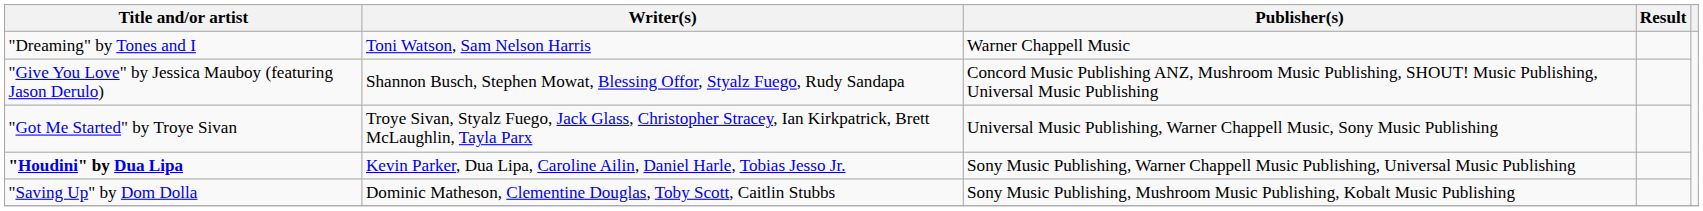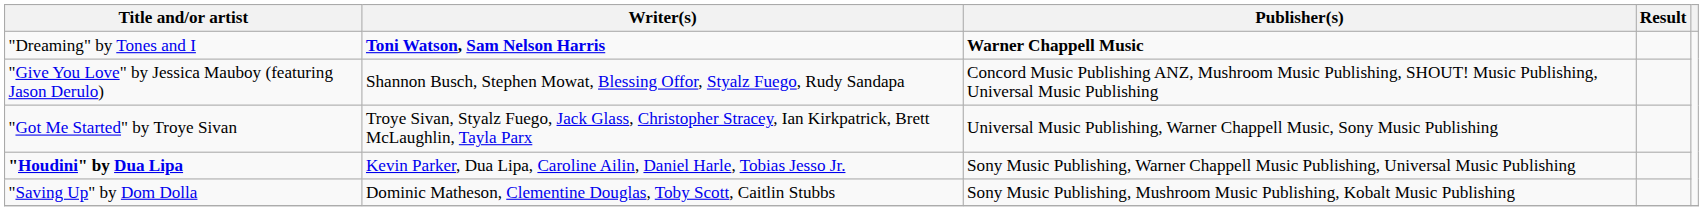 <table class="wikitable" width=100%>
 <tr>
 <th scope="col">Title and/or artist</th>
 <th scope="col">Writer(s)</th>
 <th scope="col">Publisher(s)</th>
 <th scope="col">Result</th>
 <th scope="col"></th>
 </tr>
 <tr>
 <td>"Dreaming" by <a href='#'>Tones and I</a></td>
-<td><a href='#'>Toni Watson</a>, <a href='#'>Sam Nelson Harris</a></td>
-<td>Warner Chappell Music</td>
+<td><strong><a href='#'>Toni Watson</a>, <a href='#'>Sam Nelson Harris</a></strong></td>
+<td><strong>Warner Chappell Music</strong></td>
 <td></td>
 <td rowspan="5"></td>
 </tr>
 <tr>
 <td>"<a href='#'>Give You Love</a>" by Jessica Mauboy (featuring <a href='#'>Jason Derulo</a>)</td>
 <td>Shannon Busch, Stephen Mowat, <a href='#'>Blessing Offor</a>, <a href='#'>Styalz Fuego</a>, Rudy Sandapa</td>
 <td>Concord Music Publishing ANZ,  Mushroom Music Publishing, SHOUT! Music Publishing, Universal Music Publishing</td>
 <td></td>
 </tr>
 <tr>
 <td>"<a href='#'>Got Me Started</a>" by Troye Sivan</td>
 <td>Troye Sivan, Styalz Fuego, <a href='#'>Jack Glass</a>, <a href='#'>Christopher Stracey</a>, Ian Kirkpatrick, Brett McLaughlin, <a href='#'>Tayla Parx</a></td>
 <td>Universal Music Publishing, Warner Chappell Music, Sony Music Publishing</td>
 <td></td>
 </tr>
 <tr>
 <td><strong>"<a href='#'>Houdini</a>" by <a href='#'>Dua Lipa</a></strong></td>
 <td><a href='#'>Kevin Parker</a>, Dua Lipa, <a href='#'>Caroline Ailin</a>, <a href='#'>Daniel Harle</a>, <a href='#'>Tobias Jesso Jr.</a></td>
 <td>Sony Music Publishing, Warner Chappell Music Publishing, Universal Music Publishing</td>
 <td></td>
 </tr>
 <tr>
 <td>"<a href='#'>Saving Up</a>" by <a href='#'>Dom Dolla</a></td>
 <td>Dominic Matheson, <a href='#'>Clementine Douglas</a>, <a href='#'>Toby Scott</a>, Caitlin Stubbs</td>
 <td>Sony Music Publishing, Mushroom Music Publishing, Kobalt Music Publishing</td>
 <td></td>
 </tr>
 <tr>
 </tr>
 </table>
